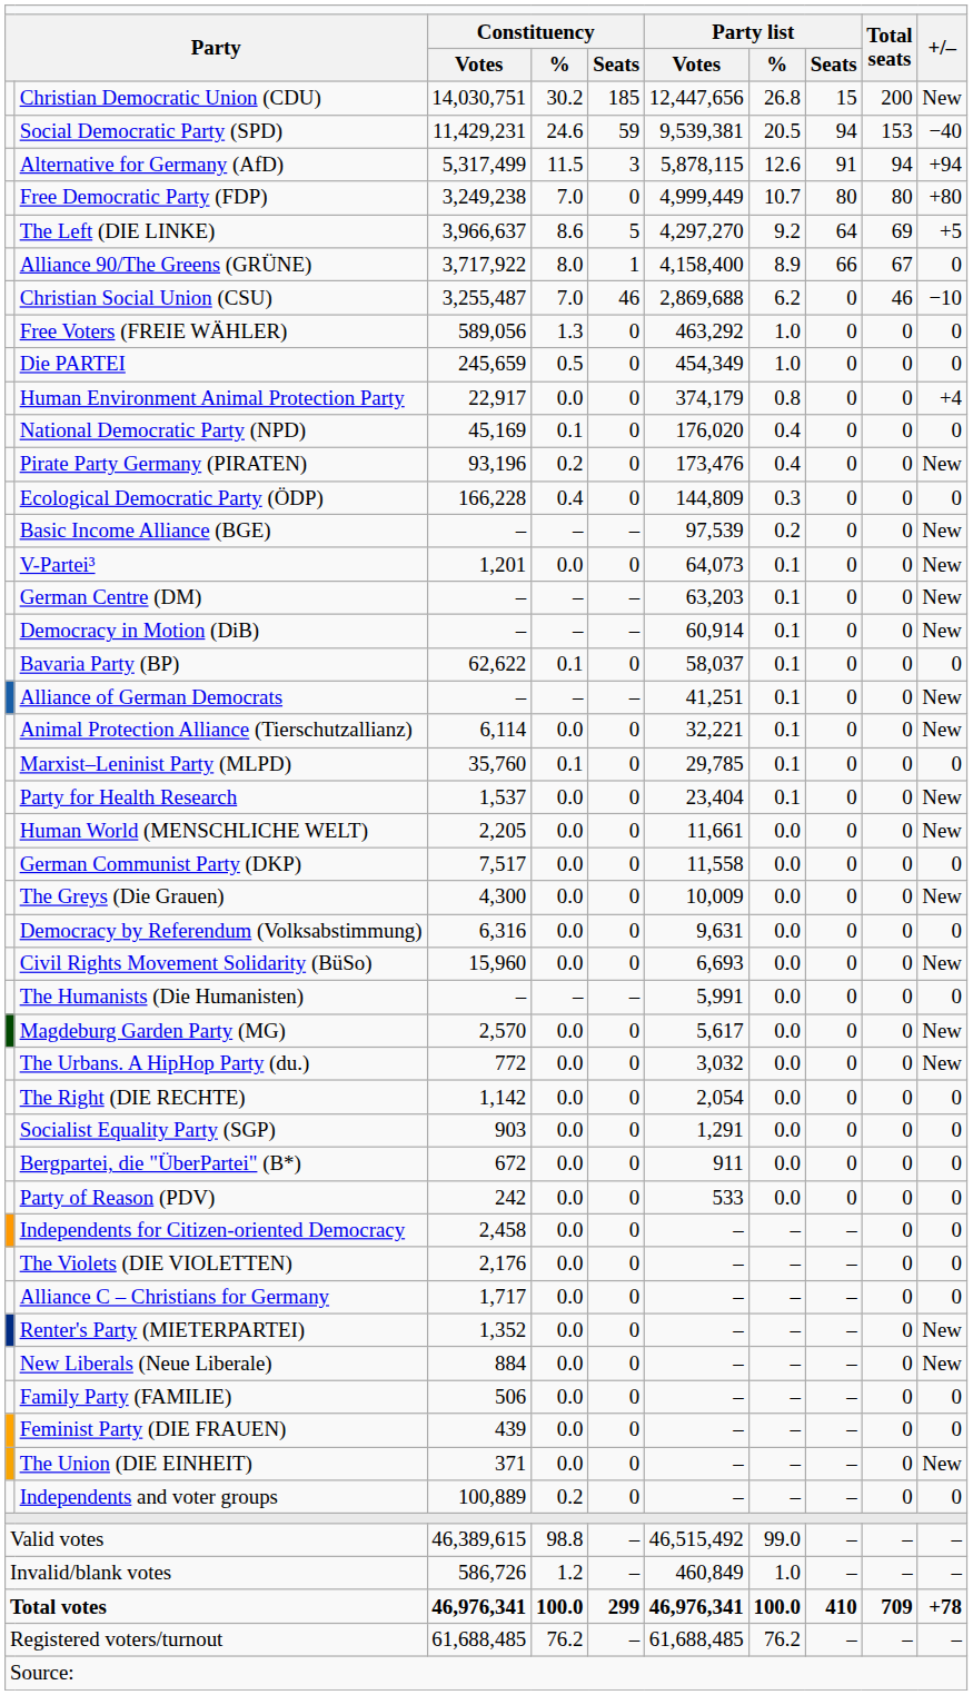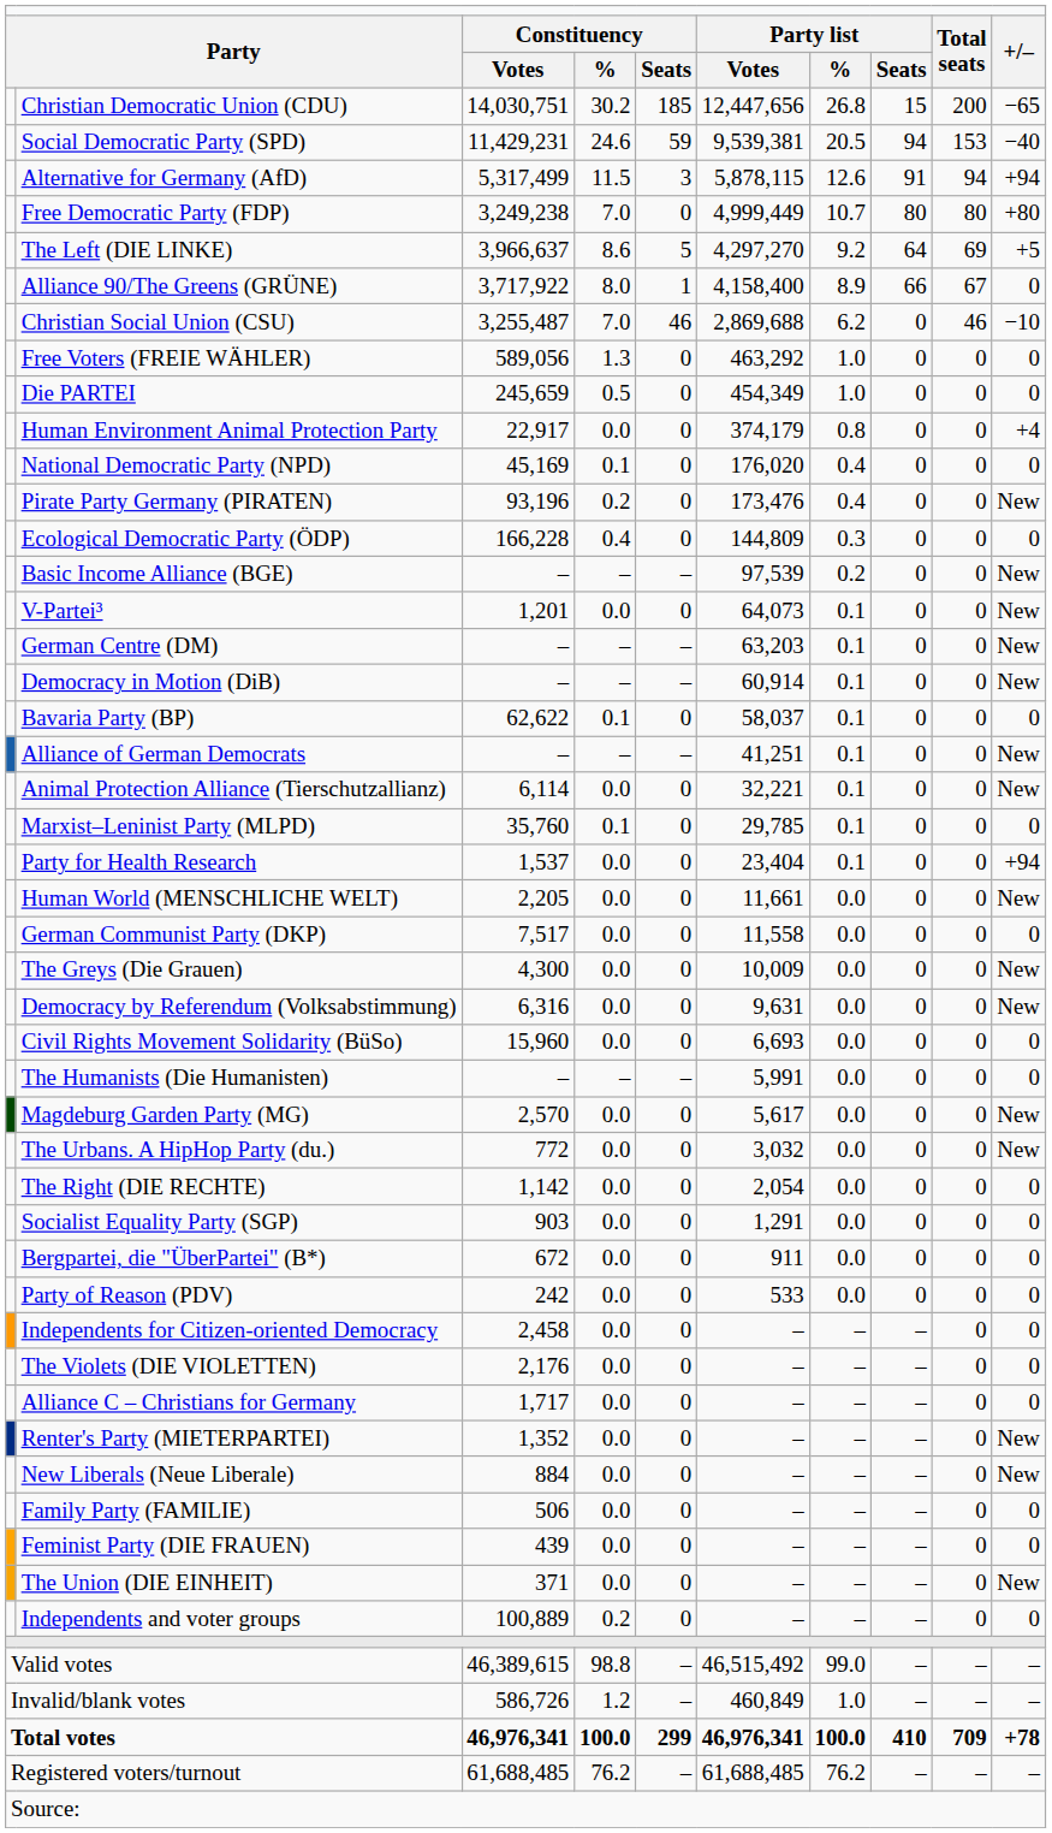 <table class="wikitable sortable" style="text-align:right">
 <tr>
 <th colspan="15" style="background:#F8F9FA;"></th>
 </tr>
 <tr>
 <th colspan="2" rowspan="2">Party</th>
 <th colspan="3">Constituency</th>
 <th colspan="3">Party list</th>
 <th rowspan="2">Total<br>seats</th>
 <th rowspan="2">+/–</th>
 </tr>
 <tr>
 <th>Votes</th>
 <th>%</th>
 <th>Seats</th>
 <th>Votes</th>
 <th>%</th>
 <th>Seats</th>
 </tr>
 <tr>
 <td></td>
 <td align="left"><a href='#'>Christian Democratic Union</a> (CDU)</td>
 <td>14,030,751</td>
 <td>30.2</td>
 <td>185</td>
 <td>12,447,656</td>
 <td>26.8</td>
 <td>15</td>
 <td>200</td>
-<td>New</td>
+<td>−65</td>
 </tr>
 <tr>
 <td></td>
 <td align="left"><a href='#'>Social Democratic Party</a> (SPD)</td>
 <td>11,429,231</td>
 <td>24.6</td>
 <td>59</td>
 <td>9,539,381</td>
 <td>20.5</td>
 <td>94</td>
 <td>153</td>
 <td>−40</td>
 </tr>
 <tr>
 <td></td>
 <td align="left"><a href='#'>Alternative for Germany</a> (AfD)</td>
 <td>5,317,499</td>
 <td>11.5</td>
 <td>3</td>
 <td>5,878,115</td>
 <td>12.6</td>
 <td>91</td>
 <td>94</td>
 <td>+94</td>
 </tr>
 <tr>
 <td></td>
 <td align="left"><a href='#'>Free Democratic Party</a> (FDP)</td>
 <td>3,249,238</td>
 <td>7.0</td>
 <td>0</td>
 <td>4,999,449</td>
 <td>10.7</td>
 <td>80</td>
 <td>80</td>
 <td>+80</td>
 </tr>
 <tr>
 <td></td>
 <td align="left"><a href='#'>The Left</a> (DIE LINKE)</td>
 <td>3,966,637</td>
 <td>8.6</td>
 <td>5</td>
 <td>4,297,270</td>
 <td>9.2</td>
 <td>64</td>
 <td>69</td>
 <td>+5</td>
 </tr>
 <tr>
 <td></td>
 <td align="left"><a href='#'>Alliance 90/The Greens</a> (GRÜNE)</td>
 <td>3,717,922</td>
 <td>8.0</td>
 <td>1</td>
 <td>4,158,400</td>
 <td>8.9</td>
 <td>66</td>
 <td>67</td>
 <td>0</td>
 </tr>
 <tr>
 <td></td>
 <td align="left"><a href='#'>Christian Social Union</a> (CSU)</td>
 <td>3,255,487</td>
 <td>7.0</td>
 <td>46</td>
 <td>2,869,688</td>
 <td>6.2</td>
 <td>0</td>
 <td>46</td>
 <td>−10</td>
 </tr>
 <tr>
 <td style="background-color:"></td>
 <td align="left"><a href='#'>Free Voters</a> (FREIE WÄHLER)</td>
 <td>589,056</td>
 <td>1.3</td>
 <td>0</td>
 <td>463,292</td>
 <td>1.0</td>
 <td>0</td>
 <td>0</td>
 <td>0</td>
 </tr>
 <tr>
 <td style="background-color:"></td>
 <td align="left"><a href='#'>Die PARTEI</a></td>
 <td>245,659</td>
 <td>0.5</td>
 <td>0</td>
 <td>454,349</td>
 <td>1.0</td>
 <td>0</td>
 <td>0</td>
 <td>0</td>
 </tr>
 <tr>
 <td style="background-color:"></td>
 <td align="left"><a href='#'>Human Environment Animal Protection Party</a></td>
 <td>22,917</td>
 <td>0.0</td>
 <td>0</td>
 <td>374,179</td>
 <td>0.8</td>
 <td>0</td>
 <td>0</td>
 <td>+4</td>
 </tr>
 <tr>
 <td style="background-color:"></td>
 <td align="left"><a href='#'>National Democratic Party</a> (NPD)</td>
 <td>45,169</td>
 <td>0.1</td>
 <td>0</td>
 <td>176,020</td>
 <td>0.4</td>
 <td>0</td>
 <td>0</td>
 <td>0</td>
 </tr>
 <tr>
 <td style="background-color:"></td>
 <td align="left"><a href='#'>Pirate Party Germany</a> (PIRATEN)</td>
 <td>93,196</td>
 <td>0.2</td>
 <td>0</td>
 <td>173,476</td>
 <td>0.4</td>
 <td>0</td>
 <td>0</td>
 <td>New</td>
 </tr>
 <tr>
 <td style="background-color:"></td>
 <td align="left"><a href='#'>Ecological Democratic Party</a> (ÖDP)</td>
 <td>166,228</td>
 <td>0.4</td>
 <td>0</td>
 <td>144,809</td>
 <td>0.3</td>
 <td>0</td>
 <td>0</td>
 <td>0</td>
 </tr>
 <tr>
 <td style="background-color:"></td>
 <td align="left"><a href='#'>Basic Income Alliance</a> (BGE)</td>
 <td>–</td>
 <td>–</td>
 <td>–</td>
 <td>97,539</td>
 <td>0.2</td>
 <td>0</td>
 <td>0</td>
 <td>New</td>
 </tr>
 <tr>
 <td style="background-color:"></td>
 <td align="left"><a href='#'>V-Partei³</a></td>
 <td>1,201</td>
 <td>0.0</td>
 <td>0</td>
 <td>64,073</td>
 <td>0.1</td>
 <td>0</td>
 <td>0</td>
 <td>New</td>
 </tr>
 <tr>
 <td style="background-color:"></td>
 <td align="left"><a href='#'>German Centre</a> (DM)</td>
 <td>–</td>
 <td>–</td>
 <td>–</td>
 <td>63,203</td>
 <td>0.1</td>
 <td>0</td>
 <td>0</td>
 <td>New</td>
 </tr>
 <tr>
 <td style="background-color:"></td>
 <td align="left"><a href='#'>Democracy in Motion</a> (DiB)</td>
 <td>–</td>
 <td>–</td>
 <td>–</td>
 <td>60,914</td>
 <td>0.1</td>
 <td>0</td>
 <td>0</td>
 <td>New</td>
 </tr>
 <tr>
 <td style="background-color:"></td>
 <td align="left"><a href='#'>Bavaria Party</a> (BP)</td>
 <td>62,622</td>
 <td>0.1</td>
 <td>0</td>
 <td>58,037</td>
 <td>0.1</td>
 <td>0</td>
 <td>0</td>
 <td>0</td>
 </tr>
 <tr>
 <td style="background-color:#185EA7"></td>
 <td align="left"><a href='#'>Alliance of German Democrats</a></td>
 <td>–</td>
 <td>–</td>
 <td>–</td>
 <td>41,251</td>
 <td>0.1</td>
 <td>0</td>
 <td>0</td>
 <td>New</td>
 </tr>
 <tr>
 <td style="background-color:"></td>
 <td align="left"><a href='#'>Animal Protection Alliance</a> (Tierschutzallianz)</td>
 <td>6,114</td>
 <td>0.0</td>
 <td>0</td>
 <td>32,221</td>
 <td>0.1</td>
 <td>0</td>
 <td>0</td>
 <td>New</td>
 </tr>
 <tr>
 <td style="background-color:"></td>
 <td align="left"><a href='#'>Marxist–Leninist Party</a> (MLPD)</td>
 <td>35,760</td>
 <td>0.1</td>
 <td>0</td>
 <td>29,785</td>
 <td>0.1</td>
 <td>0</td>
 <td>0</td>
 <td>0</td>
 </tr>
 <tr>
 <td style="background-color:"></td>
 <td align="left"><a href='#'>Party for Health Research</a></td>
 <td>1,537</td>
 <td>0.0</td>
 <td>0</td>
 <td>23,404</td>
 <td>0.1</td>
 <td>0</td>
 <td>0</td>
-<td>New</td>
+<td>+94</td>
 </tr>
 <tr>
 <td style="background-color:"></td>
 <td align="left"><a href='#'>Human World</a> (MENSCHLICHE WELT)</td>
 <td>2,205</td>
 <td>0.0</td>
 <td>0</td>
 <td>11,661</td>
 <td>0.0</td>
 <td>0</td>
 <td>0</td>
 <td>New</td>
 </tr>
 <tr>
 <td style="background-color:"></td>
 <td align="left"><a href='#'>German Communist Party</a> (DKP)</td>
 <td>7,517</td>
 <td>0.0</td>
 <td>0</td>
 <td>11,558</td>
 <td>0.0</td>
 <td>0</td>
 <td>0</td>
 <td>0</td>
 </tr>
 <tr>
 <td style="background-color:"></td>
 <td align="left"><a href='#'>The Greys</a> (Die Grauen)</td>
 <td>4,300</td>
 <td>0.0</td>
 <td>0</td>
 <td>10,009</td>
 <td>0.0</td>
 <td>0</td>
 <td>0</td>
 <td>New</td>
 </tr>
 <tr>
 <td style="background-color:"></td>
 <td align="left"><a href='#'>Democracy by Referendum</a> (Volksabstimmung)</td>
 <td>6,316</td>
 <td>0.0</td>
 <td>0</td>
 <td>9,631</td>
 <td>0.0</td>
 <td>0</td>
 <td>0</td>
-<td>0</td>
+<td>New</td>
 </tr>
 <tr>
 <td style="background-color:"></td>
 <td align="left"><a href='#'>Civil Rights Movement Solidarity</a> (BüSo)</td>
 <td>15,960</td>
 <td>0.0</td>
 <td>0</td>
 <td>6,693</td>
 <td>0.0</td>
 <td>0</td>
 <td>0</td>
-<td>New</td>
+<td>0</td>
 </tr>
 <tr>
 <td style="background-color:"></td>
 <td align="left"><a href='#'>The Humanists</a> (Die Humanisten)</td>
 <td>–</td>
 <td>–</td>
 <td>–</td>
 <td>5,991</td>
 <td>0.0</td>
 <td>0</td>
 <td>0</td>
 <td>0</td>
 </tr>
 <tr>
 <td style="background-color:#004800"></td>
 <td align="left"><a href='#'>Magdeburg Garden Party</a> (MG)</td>
 <td>2,570</td>
 <td>0.0</td>
 <td>0</td>
 <td>5,617</td>
 <td>0.0</td>
 <td>0</td>
 <td>0</td>
 <td>New</td>
 </tr>
 <tr>
 <td style="background-color:"></td>
 <td align="left"><a href='#'>The Urbans. A HipHop Party</a> (du.)</td>
 <td>772</td>
 <td>0.0</td>
 <td>0</td>
 <td>3,032</td>
 <td>0.0</td>
 <td>0</td>
 <td>0</td>
 <td>New</td>
 </tr>
 <tr>
 <td style="background-color:"></td>
 <td align="left"><a href='#'>The Right</a> (DIE RECHTE)</td>
 <td>1,142</td>
 <td>0.0</td>
 <td>0</td>
 <td>2,054</td>
 <td>0.0</td>
 <td>0</td>
 <td>0</td>
 <td>0</td>
 </tr>
 <tr>
 <td style="background-color:"></td>
 <td align="left"><a href='#'>Socialist Equality Party</a> (SGP)</td>
 <td>903</td>
 <td>0.0</td>
 <td>0</td>
 <td>1,291</td>
 <td>0.0</td>
 <td>0</td>
 <td>0</td>
 <td>0</td>
 </tr>
 <tr>
 <td style="background-color:"></td>
 <td align="left"><a href='#'>Bergpartei, die "ÜberPartei"</a> (B*)</td>
 <td>672</td>
 <td>0.0</td>
 <td>0</td>
 <td>911</td>
 <td>0.0</td>
 <td>0</td>
 <td>0</td>
 <td>0</td>
 </tr>
 <tr>
 <td style="background-color:"></td>
 <td align="left"><a href='#'>Party of Reason</a> (PDV)</td>
 <td>242</td>
 <td>0.0</td>
 <td>0</td>
 <td>533</td>
 <td>0.0</td>
 <td>0</td>
 <td>0</td>
 <td>0</td>
 </tr>
 <tr>
 <td style="background-color:#FF9900"></td>
 <td align="left"><a href='#'>Independents for Citizen-oriented Democracy</a></td>
 <td>2,458</td>
 <td>0.0</td>
 <td>0</td>
 <td>–</td>
 <td>–</td>
 <td>–</td>
 <td>0</td>
 <td>0</td>
 </tr>
 <tr>
 <td style="background-color:"></td>
 <td align="left"><a href='#'>The Violets</a> (DIE VIOLETTEN)</td>
 <td>2,176</td>
 <td>0.0</td>
 <td>0</td>
 <td>–</td>
 <td>–</td>
 <td>–</td>
 <td>0</td>
 <td>0</td>
 </tr>
 <tr>
 <td style="background-color:"></td>
 <td align="left"><a href='#'>Alliance C – Christians for Germany</a></td>
 <td>1,717</td>
 <td>0.0</td>
 <td>0</td>
 <td>–</td>
 <td>–</td>
 <td>–</td>
 <td>0</td>
 <td>0</td>
 </tr>
 <tr>
 <td style="background-color:#002B83"></td>
 <td align="left"><a href='#'>Renter's Party</a> (MIETERPARTEI)</td>
 <td>1,352</td>
 <td>0.0</td>
 <td>0</td>
 <td>–</td>
 <td>–</td>
 <td>–</td>
 <td>0</td>
 <td>New</td>
 </tr>
 <tr>
 <td style="background-color:"></td>
 <td align="left"><a href='#'>New Liberals</a> (Neue Liberale)</td>
 <td>884</td>
 <td>0.0</td>
 <td>0</td>
 <td>–</td>
 <td>–</td>
 <td>–</td>
 <td>0</td>
 <td>New</td>
 </tr>
 <tr>
 <td style="background-color:"></td>
 <td align="left"><a href='#'>Family Party</a> (FAMILIE)</td>
 <td>506</td>
 <td>0.0</td>
 <td>0</td>
 <td>–</td>
 <td>–</td>
 <td>–</td>
 <td>0</td>
 <td>0</td>
 </tr>
 <tr>
 <td style="background-color:#FFA500"></td>
 <td align="left"><a href='#'>Feminist Party</a> (DIE FRAUEN)</td>
 <td>439</td>
 <td>0.0</td>
 <td>0</td>
 <td>–</td>
 <td>–</td>
 <td>–</td>
 <td>0</td>
 <td>0</td>
 </tr>
 <tr>
 <td style="background-color:#F8A501"></td>
 <td align="left"><a href='#'>The Union</a> (DIE EINHEIT)</td>
 <td>371</td>
 <td>0.0</td>
 <td>0</td>
 <td>–</td>
 <td>–</td>
 <td>–</td>
 <td>0</td>
 <td>New</td>
 </tr>
 <tr>
 <td style="background-color:"></td>
 <td align="left"><a href='#'>Independents</a> and voter groups</td>
 <td>100,889</td>
 <td>0.2</td>
 <td>0</td>
 <td>–</td>
 <td>–</td>
 <td>–</td>
 <td>0</td>
 <td>0</td>
 </tr>
 <tr class=sortbottom>
 <td colspan="10" style="background: #E9E9E9"></td>
 </tr>
 <tr class=sortbottom>
 <td colspan="2" align="left">Valid votes</td>
 <td>46,389,615</td>
 <td>98.8</td>
 <td>–</td>
 <td>46,515,492</td>
 <td>99.0</td>
 <td>–</td>
 <td>–</td>
 <td>–</td>
 </tr>
 <tr class=sortbottom>
 <td colspan="2" align="left">Invalid/blank votes</td>
 <td>586,726</td>
 <td>1.2</td>
 <td>–</td>
 <td>460,849</td>
 <td>1.0</td>
 <td>–</td>
 <td>–</td>
 <td>–</td>
 </tr>
 <tr class=sortbottom>
 <td colspan="2" align="left"><strong>Total votes</strong></td>
 <td><strong>46,976,341</strong></td>
 <td><strong>100.0</strong></td>
 <td><strong>299</strong></td>
 <td><strong>46,976,341</strong></td>
 <td><strong>100.0</strong></td>
 <td><strong>410</strong></td>
 <td><strong>709</strong></td>
 <td><strong>+78</strong></td>
 </tr>
 <tr class=sortbottom>
 <td colspan="2" align="left">Registered voters/turnout</td>
 <td>61,688,485</td>
 <td>76.2</td>
 <td>–</td>
 <td>61,688,485</td>
 <td>76.2</td>
 <td>–</td>
 <td>–</td>
 <td>–</td>
 </tr>
 <tr class=sortbottom>
 <td colspan="10" align="left">Source: </td>
 </tr>
 </table>
